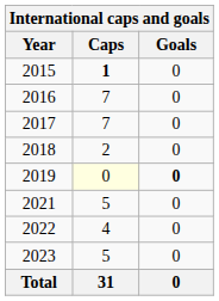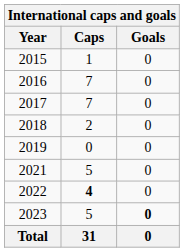 <table class="wikitable sortable" style="text-align:center">
 <tr>
 <th colspan="3">International caps and goals</th>
 </tr>
 <tr>
 <th>Year</th>
 <th>Caps</th>
 <th>Goals</th>
 </tr>
 <tr>
 <td>2015</td>
-<td><strong>1</strong></td>
+<td>1</td>
 <td>0</td>
 </tr>
 <tr>
 <td>2016</td>
 <td>7</td>
 <td>0</td>
 </tr>
 <tr>
 <td>2017</td>
 <td>7</td>
 <td>0</td>
 </tr>
 <tr>
 <td>2018</td>
 <td>2</td>
 <td>0</td>
 </tr>
 <tr>
 <td>2019</td>
-<td style="background: lightyellow;">0</td>
-<td><strong>0</strong></td>
+<td>0</td>
+<td>0</td>
 </tr>
 <tr>
 <td>2021</td>
 <td>5</td>
 <td>0</td>
 </tr>
 <tr>
 <td>2022</td>
-<td>4</td>
+<td><strong>4</strong></td>
 <td>0</td>
 </tr>
 <tr>
 <td>2023</td>
 <td>5</td>
-<td>0</td>
+<td><strong>0</strong></td>
 </tr>
 <tr>
 <th>Total</th>
 <th>31</th>
 <th>0</th>
 </tr>
 </table>
